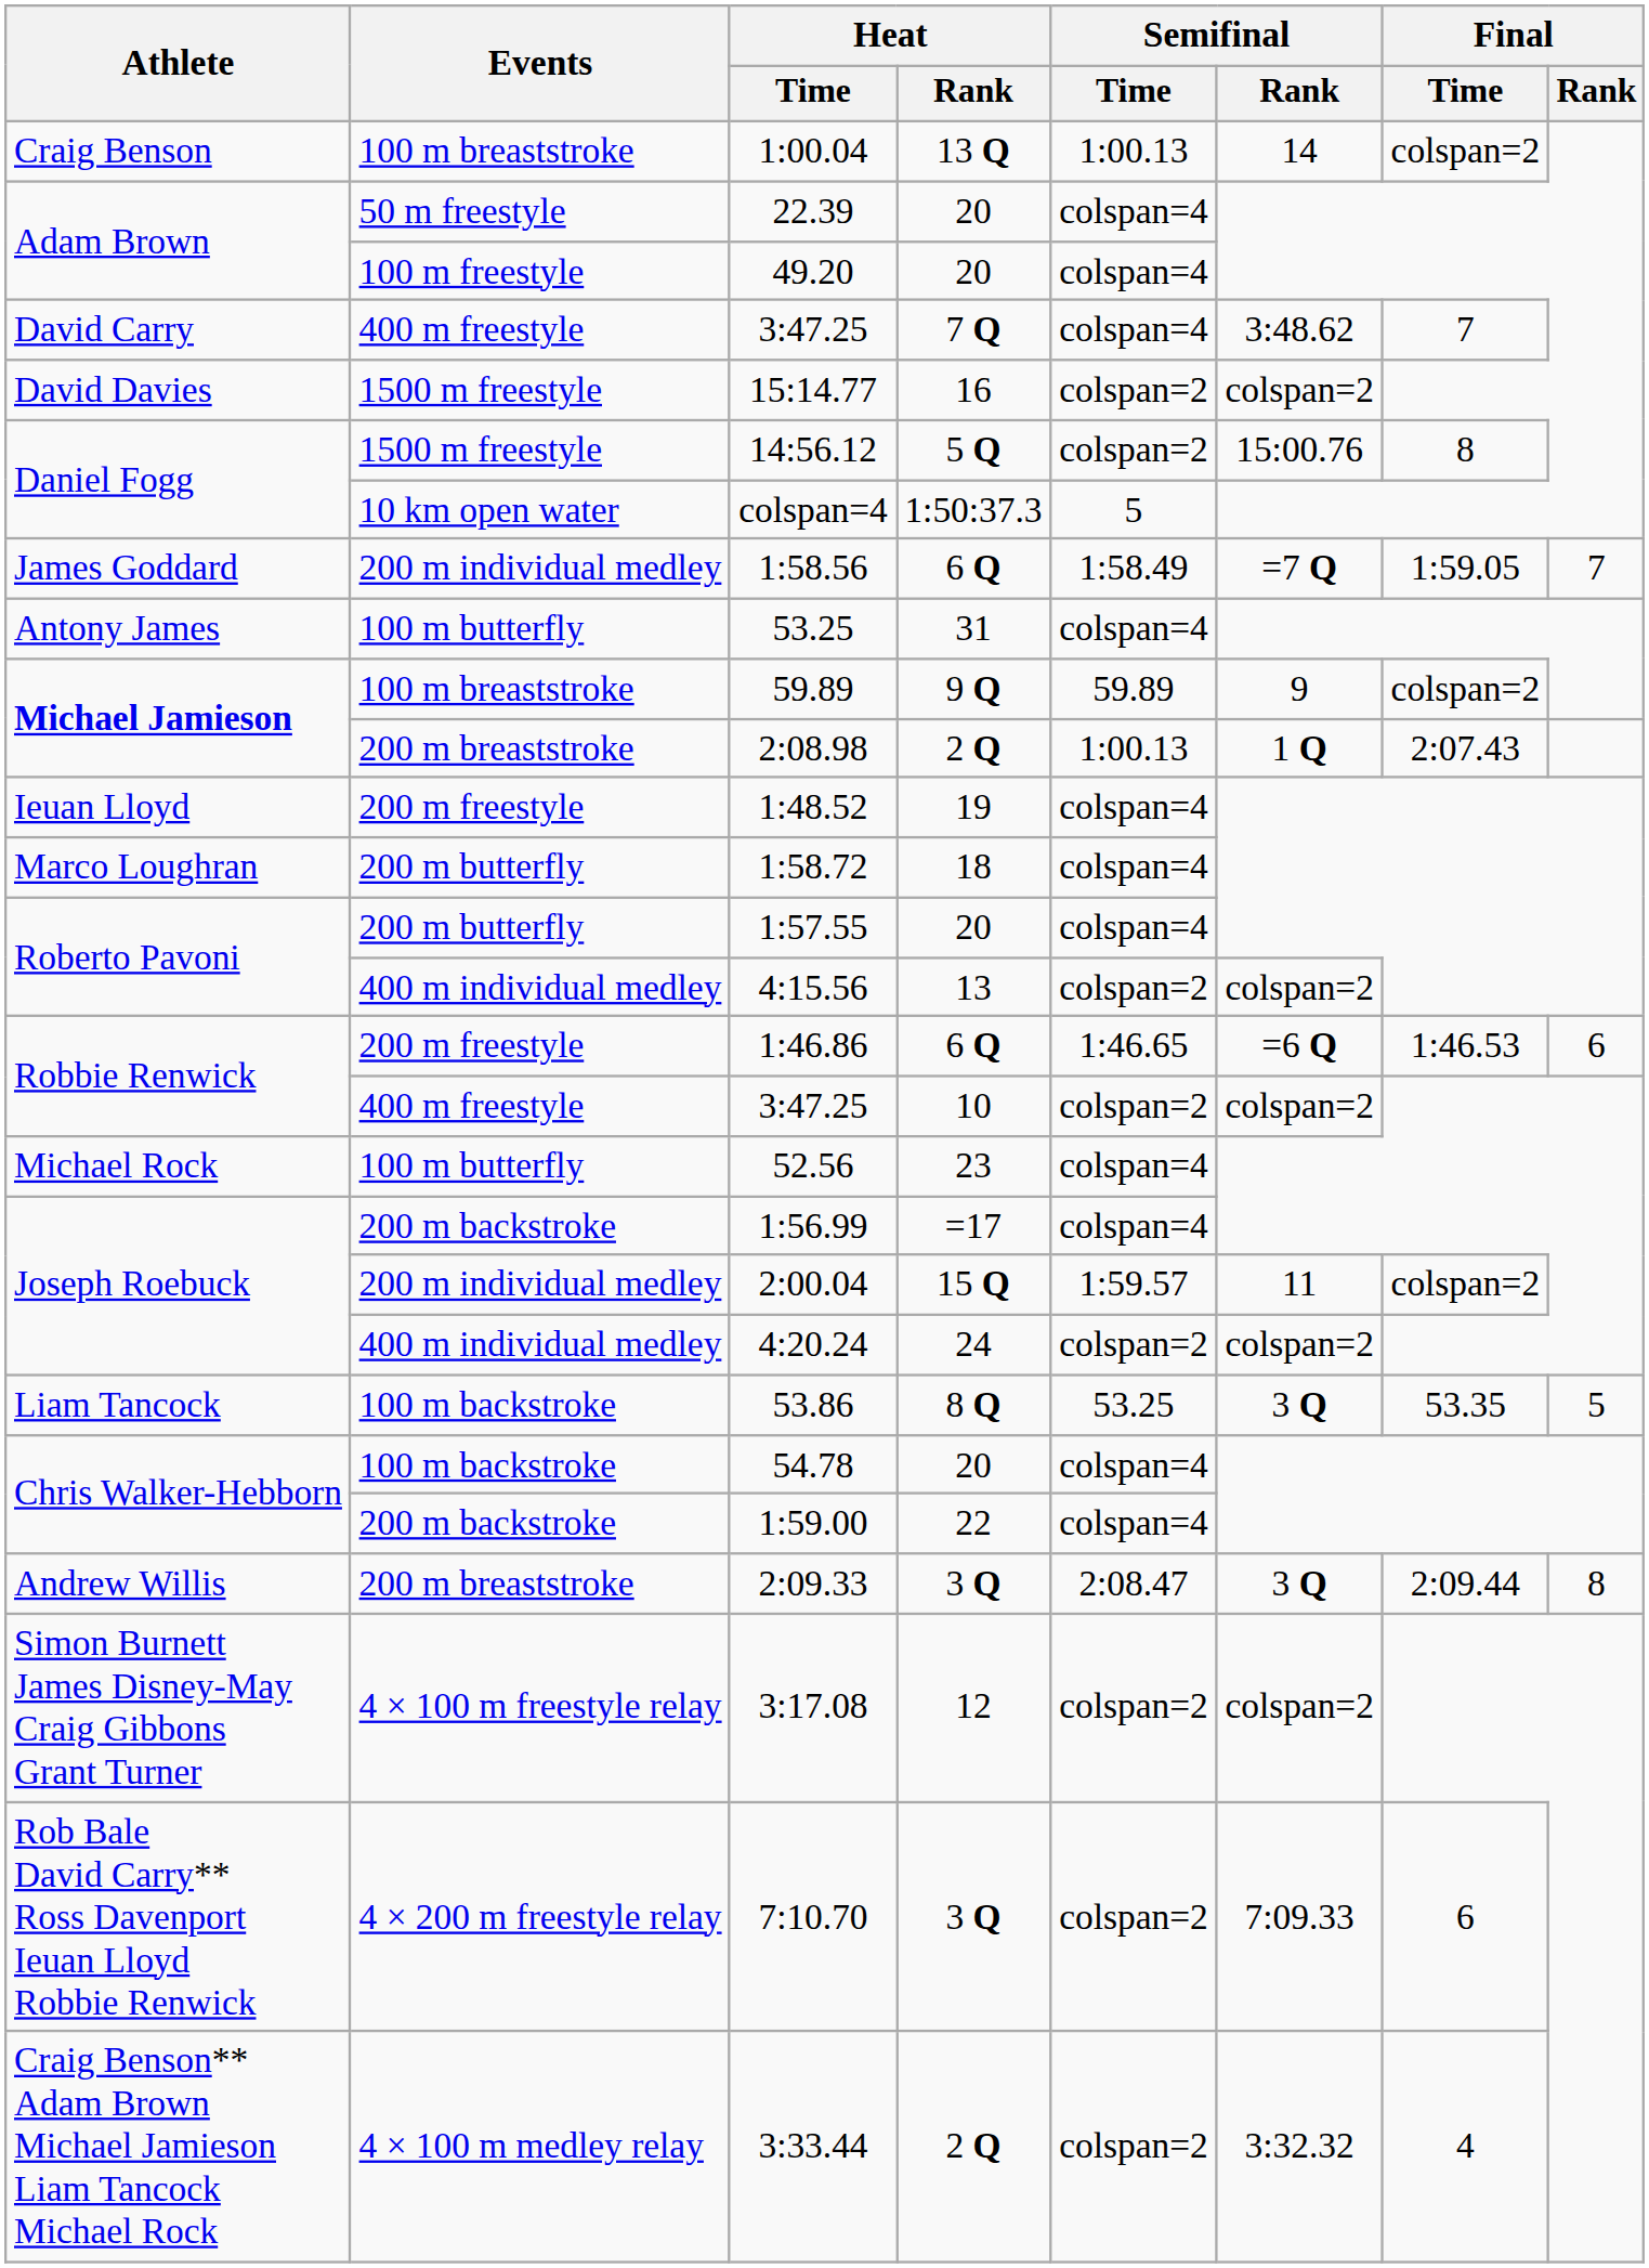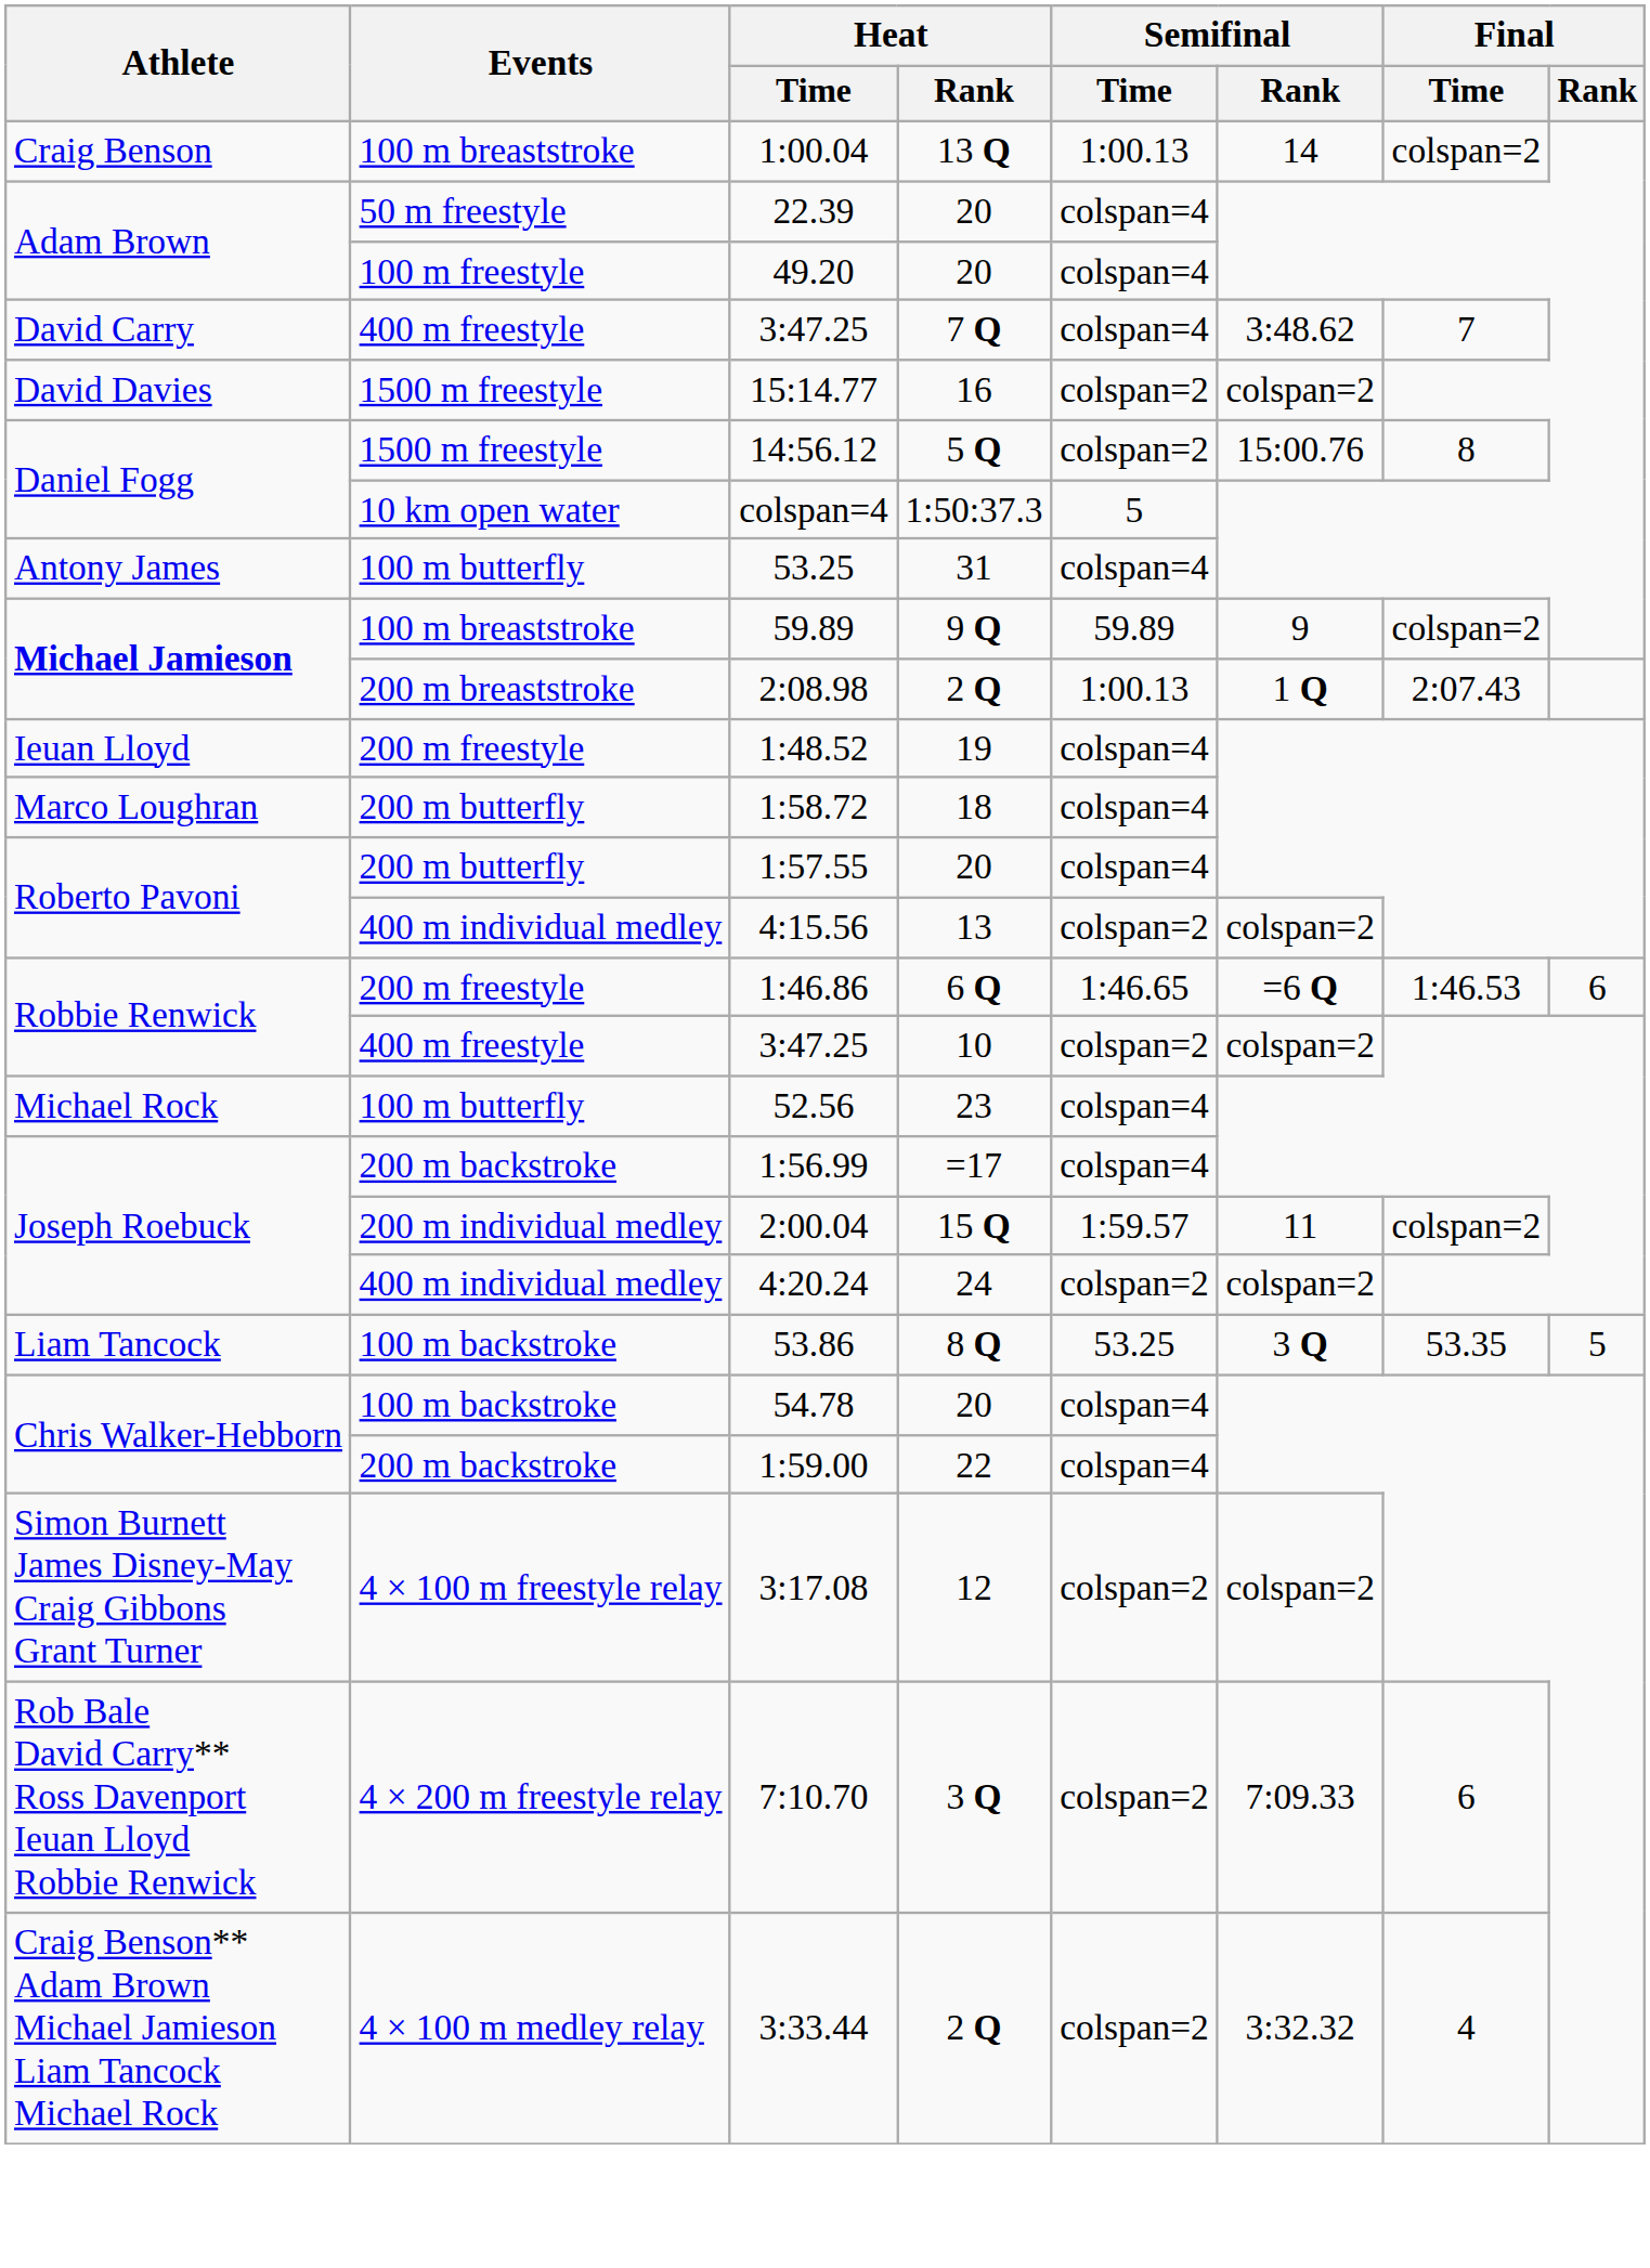 <table class=wikitable style="text-align:center; font-size:90%">
 <tr>
 <th rowspan="2">Athlete</th>
 <th rowspan="2">Events</th>
 <th colspan="2">Heat</th>
 <th colspan="2">Semifinal</th>
 <th colspan="2">Final</th>
 </tr>
 <tr style="font-size:95%">
 <th>Time</th>
 <th>Rank</th>
 <th>Time</th>
 <th>Rank</th>
 <th>Time</th>
 <th>Rank</th>
 </tr>
 <tr>
 <td style="text-align:left;"><a href='#'>Craig Benson</a></td>
 <td style="text-align:left;"><a href='#'>100 m breaststroke</a></td>
 <td>1:00.04</td>
 <td>13 <strong>Q</strong></td>
 <td>1:00.13</td>
 <td>14</td>
 <td>colspan=2 </td>
 </tr>
 <tr>
 <td style="text-align:left;" rowspan="2"><a href='#'>Adam Brown</a></td>
 <td style="text-align:left;"><a href='#'>50 m freestyle</a></td>
 <td>22.39</td>
 <td>20</td>
 <td>colspan=4 </td>
 </tr>
 <tr>
 <td style="text-align:left;"><a href='#'>100 m freestyle</a></td>
 <td>49.20</td>
 <td>20</td>
 <td>colspan=4 </td>
 </tr>
 <tr>
 <td style="text-align:left;"><a href='#'>David Carry</a></td>
 <td style="text-align:left;"><a href='#'>400 m freestyle</a></td>
 <td>3:47.25</td>
 <td>7 <strong>Q</strong></td>
 <td>colspan=4 </td>
 <td>3:48.62</td>
 <td>7</td>
 </tr>
 <tr>
 <td style="text-align:left;"><a href='#'>David Davies</a></td>
 <td style="text-align:left;"><a href='#'>1500 m freestyle</a></td>
 <td>15:14.77</td>
 <td>16</td>
 <td>colspan=2 </td>
 <td>colspan=2 </td>
 </tr>
 <tr>
 <td style="text-align:left;" rowspan="2"><a href='#'>Daniel Fogg</a></td>
 <td style="text-align:left;"><a href='#'>1500 m freestyle</a></td>
 <td>14:56.12</td>
 <td>5 <strong>Q</strong></td>
 <td>colspan=2 </td>
 <td>15:00.76</td>
 <td>8</td>
 </tr>
 <tr>
 <td style="text-align:left;"><a href='#'>10 km open water</a></td>
 <td>colspan=4 </td>
 <td>1:50:37.3</td>
 <td>5</td>
-</tr>
-<tr>
-<td style="text-align:left;"><a href='#'>James Goddard</a></td>
-<td style="text-align:left;"><a href='#'>200 m individual medley</a></td>
-<td>1:58.56</td>
-<td>6 <strong>Q</strong></td>
-<td>1:58.49</td>
-<td>=7 <strong>Q</strong></td>
-<td>1:59.05</td>
-<td>7</td>
 </tr>
 <tr>
 <td style="text-align:left;"><a href='#'>Antony James</a></td>
 <td style="text-align:left;"><a href='#'>100 m butterfly</a></td>
 <td>53.25</td>
 <td>31</td>
 <td>colspan=4 </td>
 </tr>
 <tr>
 <td style="text-align:left;" rowspan="2"><strong><a href='#'>Michael Jamieson</a></strong></td>
 <td style="text-align:left;"><a href='#'>100 m breaststroke</a></td>
 <td>59.89</td>
 <td>9 <strong>Q</strong></td>
 <td>59.89</td>
 <td>9</td>
 <td>colspan=2 </td>
 </tr>
 <tr>
 <td style="text-align:left;"><a href='#'>200 m breaststroke</a></td>
 <td>2:08.98</td>
 <td>2 <strong>Q</strong></td>
 <td>1:00.13</td>
 <td>1 <strong>Q</strong></td>
 <td>2:07.43</td>
 <td></td>
 </tr>
 <tr>
 <td style="text-align:left;"><a href='#'>Ieuan Lloyd</a></td>
 <td style="text-align:left;"><a href='#'>200 m freestyle</a></td>
 <td>1:48.52</td>
 <td>19</td>
 <td>colspan=4 </td>
 </tr>
 <tr>
 <td style="text-align:left;"><a href='#'>Marco Loughran</a></td>
 <td style="text-align:left;"><a href='#'>200 m butterfly</a></td>
 <td>1:58.72</td>
 <td>18</td>
 <td>colspan=4 </td>
 </tr>
 <tr>
 <td style="text-align:left;" rowspan="2"><a href='#'>Roberto Pavoni</a></td>
 <td style="text-align:left;"><a href='#'>200 m butterfly</a></td>
 <td>1:57.55</td>
 <td>20</td>
 <td>colspan=4 </td>
 </tr>
 <tr>
 <td style="text-align:left;"><a href='#'>400 m individual medley</a></td>
 <td>4:15.56</td>
 <td>13</td>
 <td>colspan=2 </td>
 <td>colspan=2 </td>
 </tr>
 <tr>
 <td style="text-align:left;" rowspan="2"><a href='#'>Robbie Renwick</a></td>
 <td style="text-align:left;"><a href='#'>200 m freestyle</a></td>
 <td>1:46.86</td>
 <td>6 <strong>Q</strong></td>
 <td>1:46.65</td>
 <td>=6 <strong>Q</strong></td>
 <td>1:46.53</td>
 <td>6</td>
 </tr>
 <tr>
 <td style="text-align:left;"><a href='#'>400 m freestyle</a></td>
 <td>3:47.25</td>
 <td>10</td>
 <td>colspan=2 </td>
 <td>colspan=2 </td>
 </tr>
 <tr>
 <td style="text-align:left;"><a href='#'>Michael Rock</a></td>
 <td style="text-align:left;"><a href='#'>100 m butterfly</a></td>
 <td>52.56</td>
 <td>23</td>
 <td>colspan=4 </td>
 </tr>
 <tr>
 <td style="text-align:left;" rowspan="3"><a href='#'>Joseph Roebuck</a></td>
 <td style="text-align:left;"><a href='#'>200 m backstroke</a></td>
 <td>1:56.99</td>
 <td>=17</td>
 <td>colspan=4 </td>
 </tr>
 <tr>
 <td style="text-align:left;"><a href='#'>200 m individual medley</a></td>
 <td>2:00.04</td>
 <td>15 <strong>Q</strong></td>
 <td>1:59.57</td>
 <td>11</td>
 <td>colspan=2 </td>
 </tr>
 <tr>
 <td style="text-align:left;"><a href='#'>400 m individual medley</a></td>
 <td>4:20.24</td>
 <td>24</td>
 <td>colspan=2 </td>
 <td>colspan=2 </td>
 </tr>
 <tr>
 <td style="text-align:left;"><a href='#'>Liam Tancock</a></td>
 <td style="text-align:left;"><a href='#'>100 m backstroke</a></td>
 <td>53.86</td>
 <td>8 <strong>Q</strong></td>
 <td>53.25</td>
 <td>3 <strong>Q</strong></td>
 <td>53.35</td>
 <td>5</td>
 </tr>
 <tr>
 <td style="text-align:left;" rowspan="2"><a href='#'>Chris Walker-Hebborn</a></td>
 <td style="text-align:left;"><a href='#'>100 m backstroke</a></td>
 <td>54.78</td>
 <td>20</td>
 <td>colspan=4 </td>
 </tr>
 <tr>
 <td style="text-align:left;"><a href='#'>200 m backstroke</a></td>
 <td>1:59.00</td>
 <td>22</td>
 <td>colspan=4 </td>
 </tr>
 <tr>
-<td style="text-align:left;"><a href='#'>Andrew Willis</a></td>
-<td style="text-align:left;"><a href='#'>200 m breaststroke</a></td>
-<td>2:09.33</td>
-<td>3 <strong>Q</strong></td>
-<td>2:08.47</td>
-<td>3 <strong>Q</strong></td>
-<td>2:09.44</td>
-<td>8</td>
-</tr>
-<tr>
 <td style="text-align:left;"><a href='#'>Simon Burnett</a><br> <a href='#'>James Disney-May</a><br> <a href='#'>Craig Gibbons</a><br><a href='#'>Grant Turner</a></td>
 <td style="text-align:left;"><a href='#'>4 × 100 m freestyle relay</a></td>
 <td>3:17.08</td>
 <td>12</td>
 <td>colspan=2 </td>
 <td>colspan=2 </td>
 </tr>
 <tr>
 <td style="text-align:left;"><a href='#'>Rob Bale</a><br><a href='#'>David Carry</a>**<br><a href='#'>Ross Davenport</a><br><a href='#'>Ieuan Lloyd</a><br><a href='#'>Robbie Renwick</a></td>
 <td style="text-align:left;"><a href='#'>4 × 200 m freestyle relay</a></td>
 <td>7:10.70</td>
 <td>3 <strong>Q</strong></td>
 <td>colspan=2 </td>
 <td>7:09.33</td>
 <td>6</td>
 </tr>
 <tr>
 <td style="text-align:left;"><a href='#'>Craig Benson</a>**<br><a href='#'>Adam Brown</a><br><a href='#'>Michael Jamieson</a><br><a href='#'>Liam Tancock</a><br><a href='#'>Michael Rock</a></td>
 <td style="text-align:left;"><a href='#'>4 × 100 m medley relay</a></td>
 <td>3:33.44</td>
 <td>2 <strong>Q</strong></td>
 <td>colspan=2 </td>
 <td>3:32.32</td>
 <td>4</td>
 </tr>
 </table>
